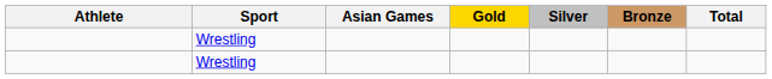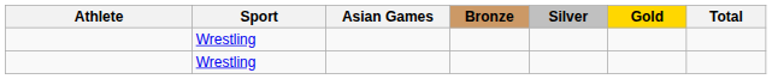 <table class="wikitable">
 <tr>
 <th width=200>Athlete</th>
 <th width=140>Sport</th>
 <th width=130>Asian Games</th>
+<th style="background:#cc9966; width:5.0em; font-weight:bold;">Bronze</th>
+<th style="background:silver; width:5.0em; font-weight:bold;">Silver</th>
 <th style="background:gold; width:5.0em; font-weight:bold;">Gold</th>
-<th style="background:silver; width:5.0em; font-weight:bold;">Silver</th>
-<th style="background:#cc9966; width:5.0em; font-weight:bold;">Bronze</th>
 <th style="width:5.0em;">Total</th>
 </tr>
 <tr>
 <td></td>
 <td><a href='#'>Wrestling</a></td>
 <td align="center"></td>
 <td align="center"></td>
 <td align="center"></td>
 <td align="center"></td>
 <td align="center"></td>
 </tr>
 <tr>
 <td></td>
 <td><a href='#'>Wrestling</a></td>
 <td align="center"></td>
 <td align="center"></td>
 <td align="center"></td>
 <td align="center"></td>
 <td align="center"></td>
 </tr>
 </table>
